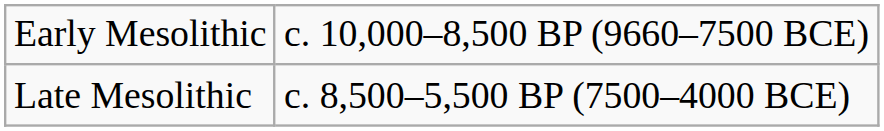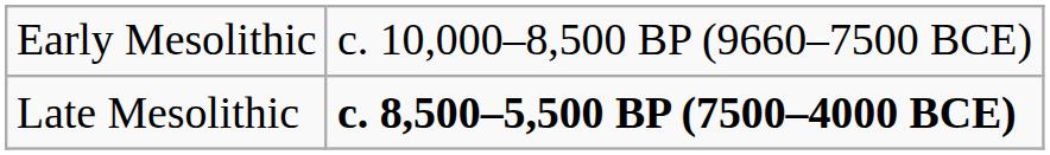 <table class="wikitable">
 <tr>
 <td>Early Mesolithic</td>
 <td>c. 10,000–8,500 BP (9660–7500 BCE)</td>
 </tr>
 <tr>
 <td>Late Mesolithic</td>
-<td>c. 8,500–5,500 BP (7500–4000 BCE)</td>
+<td><strong>c. 8,500–5,500 BP (7500–4000 BCE)</strong></td>
 </tr>
 </table>
